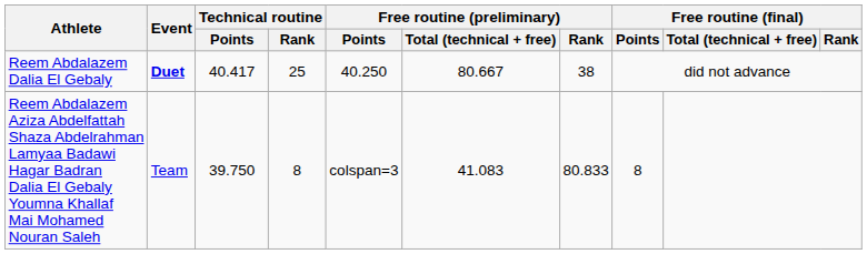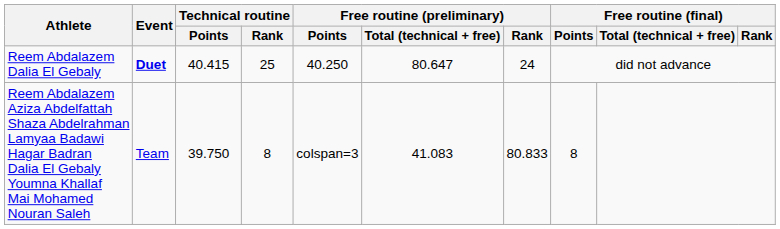 <table class="wikitable" style="font-size:90%">
 <tr>
 <th rowspan="2">Athlete</th>
 <th rowspan="2">Event</th>
 <th colspan=2>Technical routine</th>
 <th colspan=3>Free routine (preliminary)</th>
 <th colspan=3>Free routine (final)</th>
 </tr>
 <tr style="font-size:95%">
 <th>Points</th>
 <th>Rank</th>
 <th>Points</th>
 <th>Total (technical + free)</th>
 <th>Rank</th>
 <th>Points</th>
 <th>Total (technical + free)</th>
 <th>Rank</th>
 </tr>
 <tr align=center>
 <td align=left><a href='#'>Reem Abdalazem</a><br><a href='#'>Dalia El Gebaly</a></td>
 <td align=left><strong><a href='#'>Duet</a></strong></td>
-<td>40.417</td>
+<td>40.415</td>
 <td>25</td>
 <td>40.250</td>
-<td>80.667</td>
-<td>38</td>
+<td>80.647</td>
+<td>24</td>
 <td colspan=3>did not advance</td>
 </tr>
 <tr align=center>
 <td align=left><a href='#'>Reem Abdalazem</a><br><a href='#'>Aziza Abdelfattah</a><br><a href='#'>Shaza Abdelrahman</a><br><a href='#'>Lamyaa Badawi</a><br><a href='#'>Hagar Badran</a><br><a href='#'>Dalia El Gebaly</a><br><a href='#'>Youmna Khallaf</a><br><a href='#'>Mai Mohamed</a><br><a href='#'>Nouran Saleh</a></td>
 <td align=left><a href='#'>Team</a></td>
 <td>39.750</td>
 <td>8</td>
 <td>colspan=3 </td>
 <td>41.083</td>
 <td>80.833</td>
 <td>8</td>
 </tr>
 </table>
